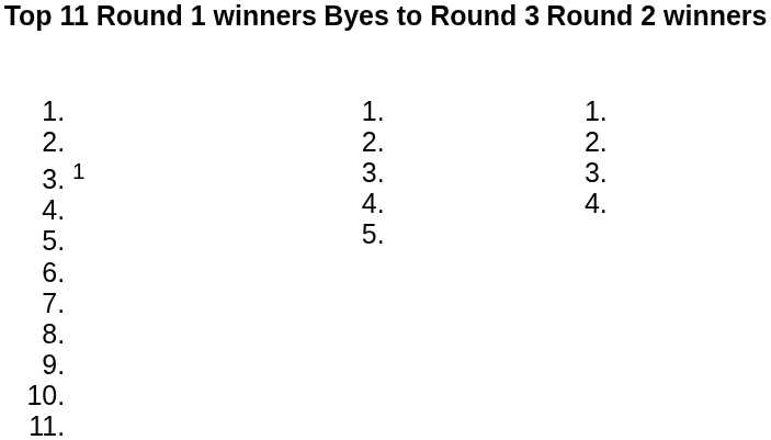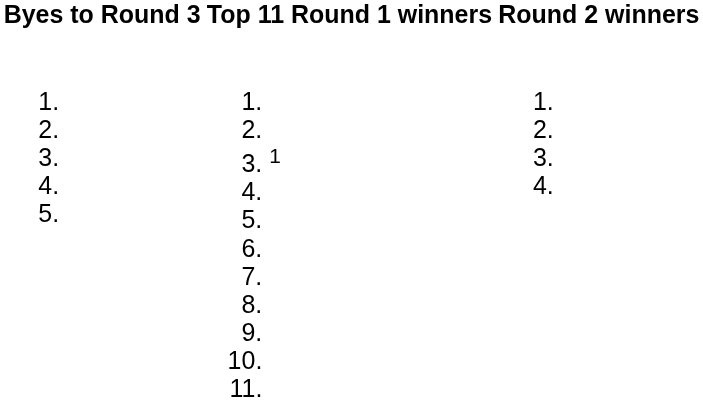 <table>
 <tr>
+<th>Byes to Round 3</th>
 <th>Top 11 Round 1 winners</th>
-<th>Byes to Round 3</th>
 <th>Round 2 winners</th>
 </tr>
 <tr valign=top>
+<td><br><ol><li></li><li></li><li></li><li></li><li></li></ol></td>
 <td><br><ol> <li></li> <li></li> <li><sup>1</sup></li> <li></li> <li></li> <li></li> <li></li> <li></li> <li></li> <li></li> <li></li> </ol></td>
-<td><br><ol><li></li><li></li><li></li><li></li><li></li></ol></td>
 <td><br><ol> <li></li> <li></li> <li></li> <li></li> </ol></td>
 </tr>
 </table>
